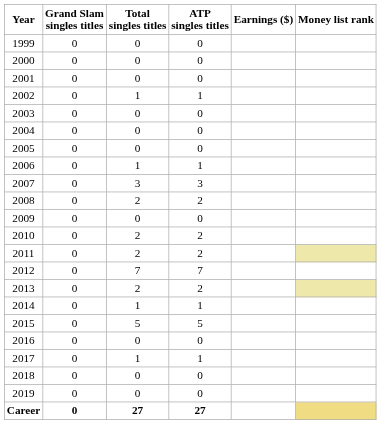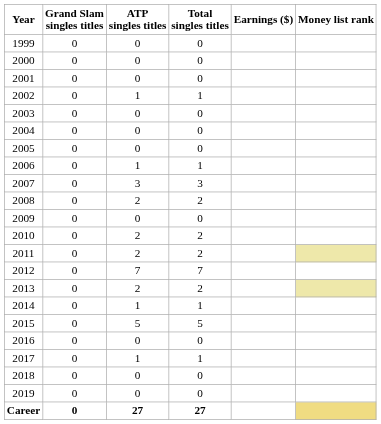 <table cellpadding=3 cellspacing=0 border=1 style=font-align:centre;border:#aaa;solid:1;border-collapse:collapse;text-align:center>
 <tr>
 <th>Year</th>
 <th>Grand Slam<br>singles titles</th>
+<th>ATP<br>singles titles</th>
 <th>Total<br>singles titles</th>
-<th>ATP<br>singles titles</th>
 <th>Earnings ($)</th>
 <th>Money list rank</th>
 </tr>
 <tr>
 <td>1999</td>
 <td>0</td>
 <td>0</td>
 <td>0</td>
 <td align=right></td>
 <td></td>
 </tr>
 <tr>
 <td>2000</td>
 <td>0</td>
 <td>0</td>
 <td>0</td>
 <td align=right></td>
 <td></td>
 </tr>
 <tr>
 <td>2001</td>
 <td>0</td>
 <td>0</td>
 <td>0</td>
 <td align=right></td>
 <td></td>
 </tr>
 <tr>
 <td>2002</td>
 <td>0</td>
 <td>1</td>
 <td>1</td>
 <td align=right></td>
 <td></td>
 </tr>
 <tr>
 <td>2003</td>
 <td>0</td>
 <td>0</td>
 <td>0</td>
 <td align=right></td>
 <td></td>
 </tr>
 <tr>
 <td>2004</td>
 <td>0</td>
 <td>0</td>
 <td>0</td>
 <td align=right></td>
 <td></td>
 </tr>
 <tr>
 <td>2005</td>
 <td>0</td>
 <td>0</td>
 <td>0</td>
 <td align=right></td>
 <td></td>
 </tr>
 <tr>
 <td>2006</td>
 <td>0</td>
 <td>1</td>
 <td>1</td>
 <td align=right></td>
 <td></td>
 </tr>
 <tr>
 <td>2007</td>
 <td>0</td>
 <td>3</td>
 <td>3</td>
 <td align=right></td>
 <td></td>
 </tr>
 <tr>
 <td>2008</td>
 <td>0</td>
 <td>2</td>
 <td>2</td>
 <td align=right></td>
 <td></td>
 </tr>
 <tr>
 <td>2009</td>
 <td>0</td>
 <td>0</td>
 <td>0</td>
 <td align=right></td>
 <td></td>
 </tr>
 <tr>
 <td>2010</td>
 <td>0</td>
 <td>2</td>
 <td>2</td>
 <td align=right></td>
 <td></td>
 </tr>
 <tr>
 <td>2011</td>
 <td>0</td>
 <td>2</td>
 <td>2</td>
 <td align=right></td>
 <td bgcolor=eee8aa></td>
 </tr>
 <tr>
 <td>2012</td>
 <td>0</td>
 <td>7</td>
 <td>7</td>
 <td align=right></td>
 <td></td>
 </tr>
 <tr>
 <td>2013</td>
 <td>0</td>
 <td>2</td>
 <td>2</td>
 <td align=right></td>
 <td bgcolor=eee8aa></td>
 </tr>
 <tr>
 <td>2014</td>
 <td>0</td>
 <td>1</td>
 <td>1</td>
 <td align=right></td>
 <td></td>
 </tr>
 <tr>
 <td>2015</td>
 <td>0</td>
 <td>5</td>
 <td>5</td>
 <td align=right></td>
 <td></td>
 </tr>
 <tr>
 <td>2016</td>
 <td>0</td>
 <td>0</td>
 <td>0</td>
 <td align=right></td>
 <td></td>
 </tr>
 <tr>
 <td>2017</td>
 <td>0</td>
 <td>1</td>
 <td>1</td>
 <td align=right></td>
 <td></td>
 </tr>
 <tr>
 <td>2018</td>
 <td>0</td>
 <td>0</td>
 <td>0</td>
 <td align=right></td>
 <td></td>
 </tr>
 <tr>
 <td>2019</td>
 <td>0</td>
 <td>0</td>
 <td>0</td>
 <td align=right></td>
 <td></td>
 </tr>
 <tr>
 <th>Career</th>
 <th>0</th>
 <th>27</th>
 <th>27</th>
 <th></th>
 <th bgcolor=f0dc82></th>
 </tr>
 </table>
